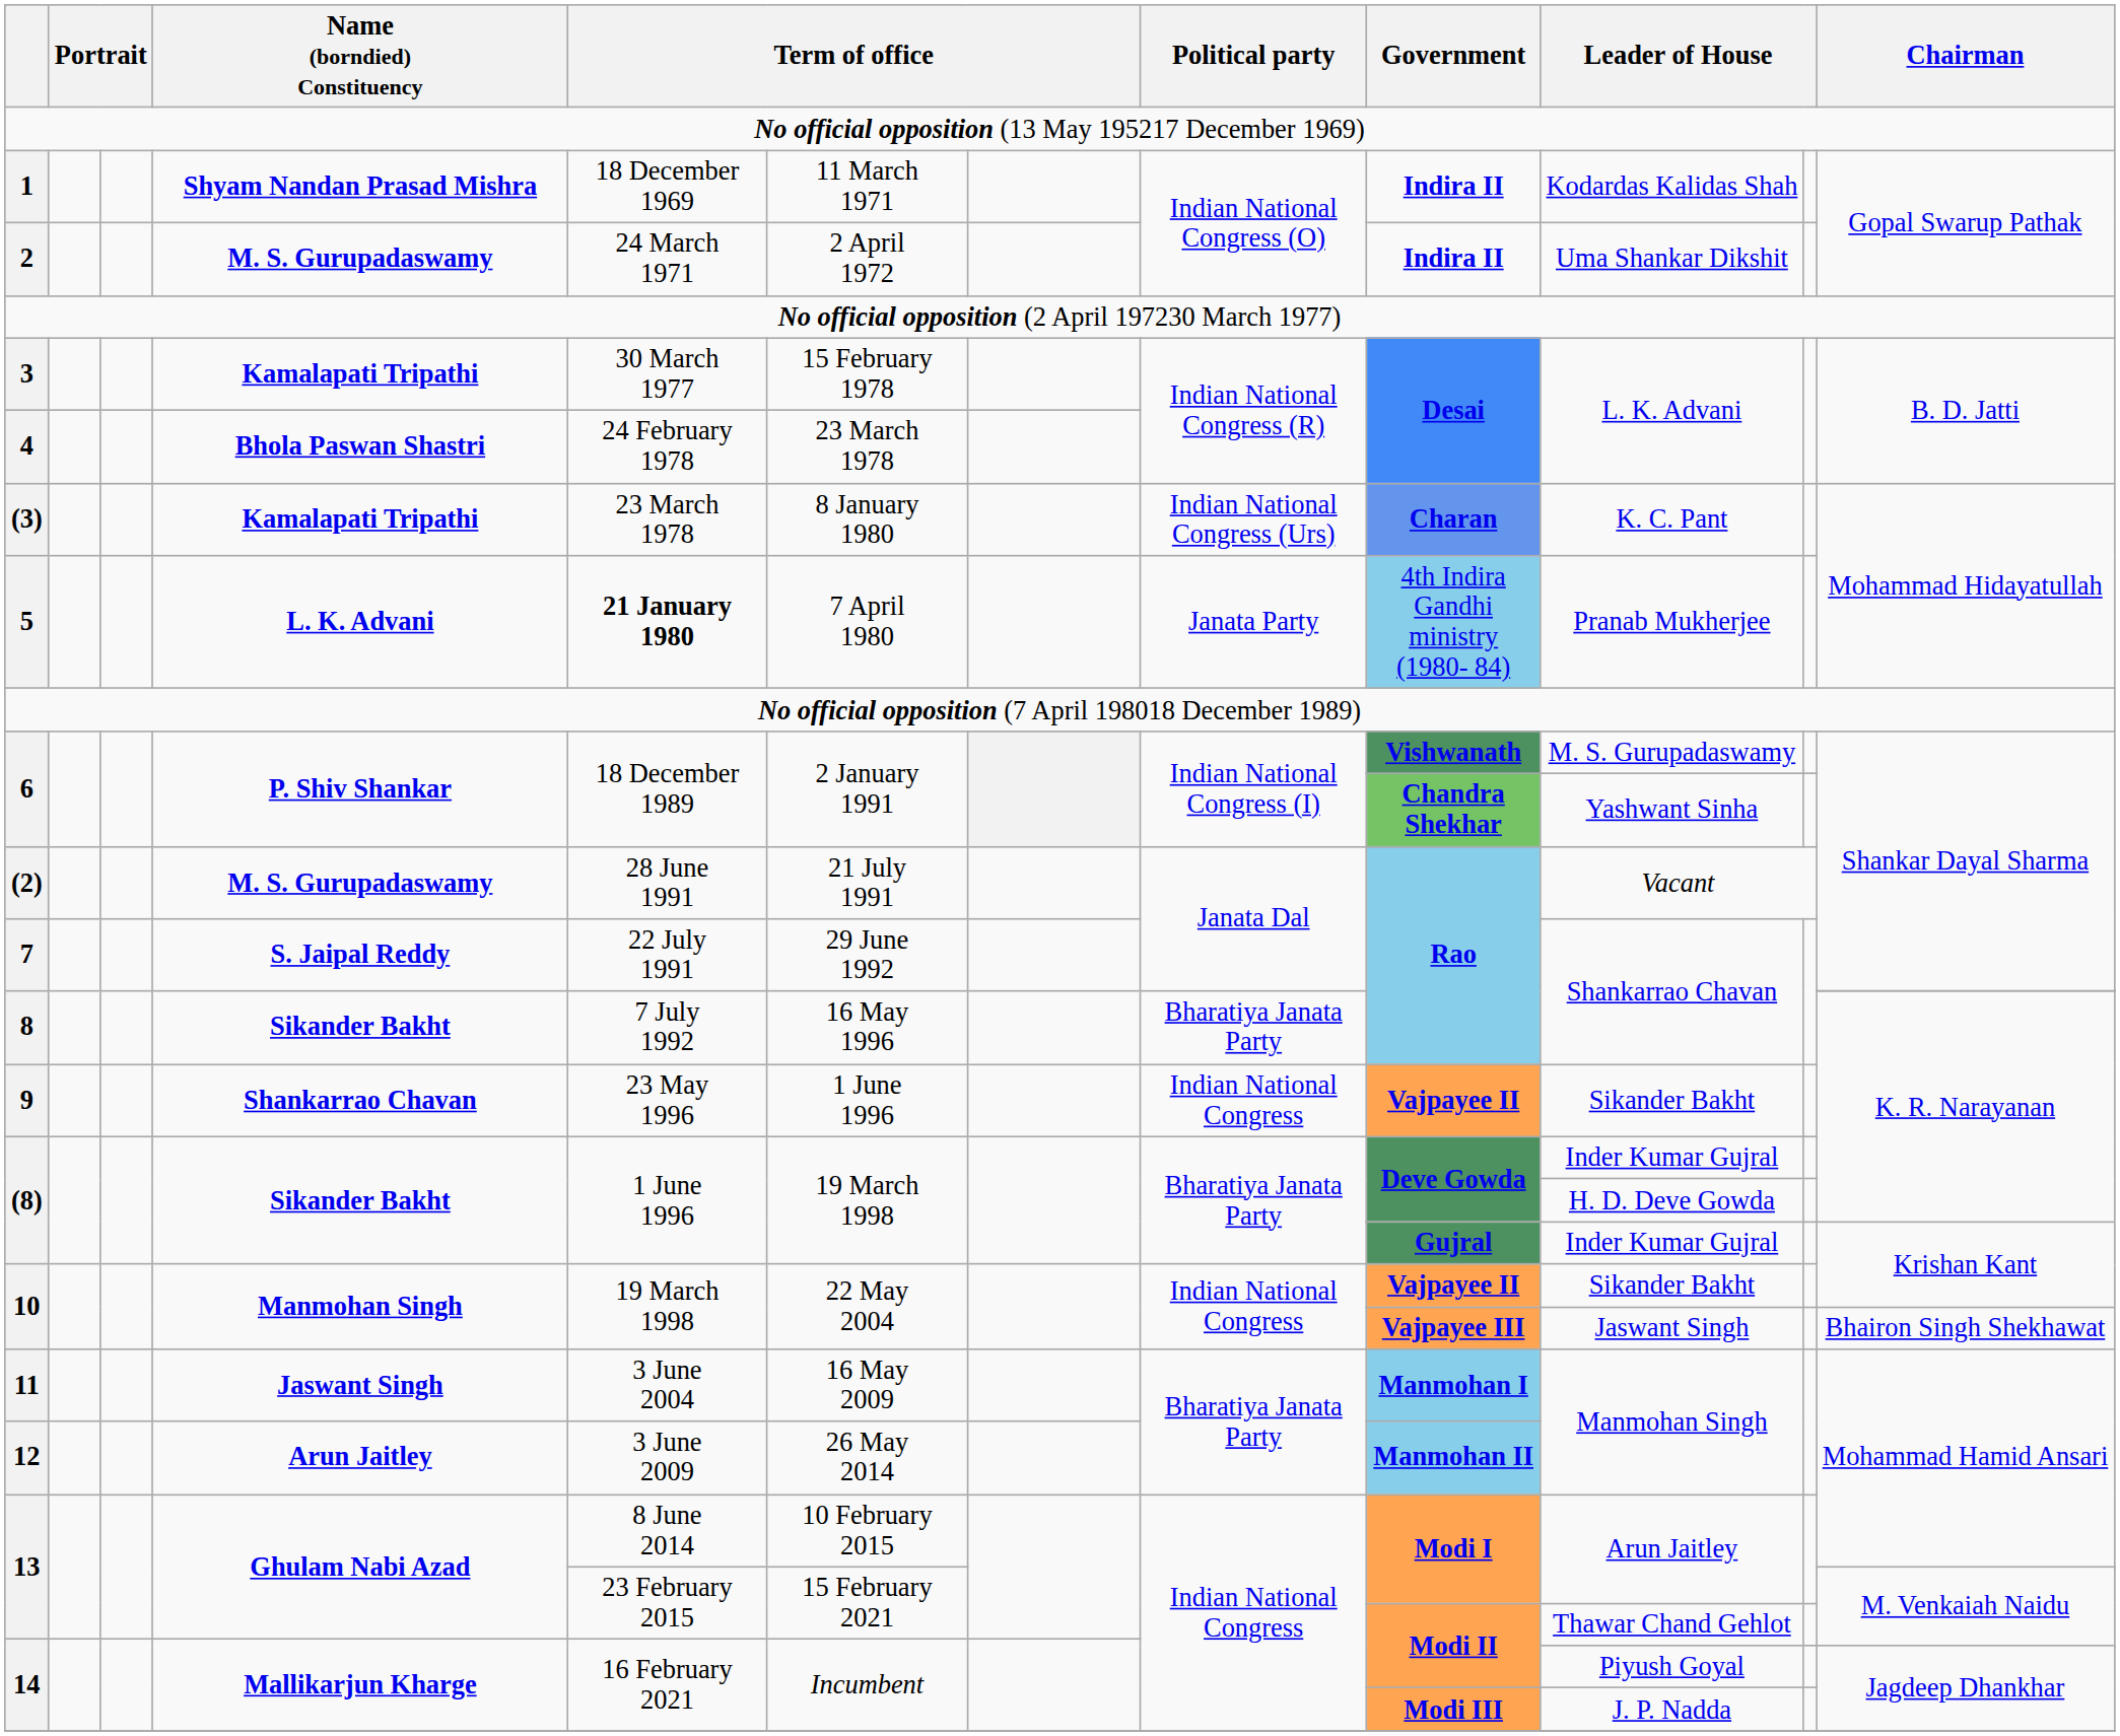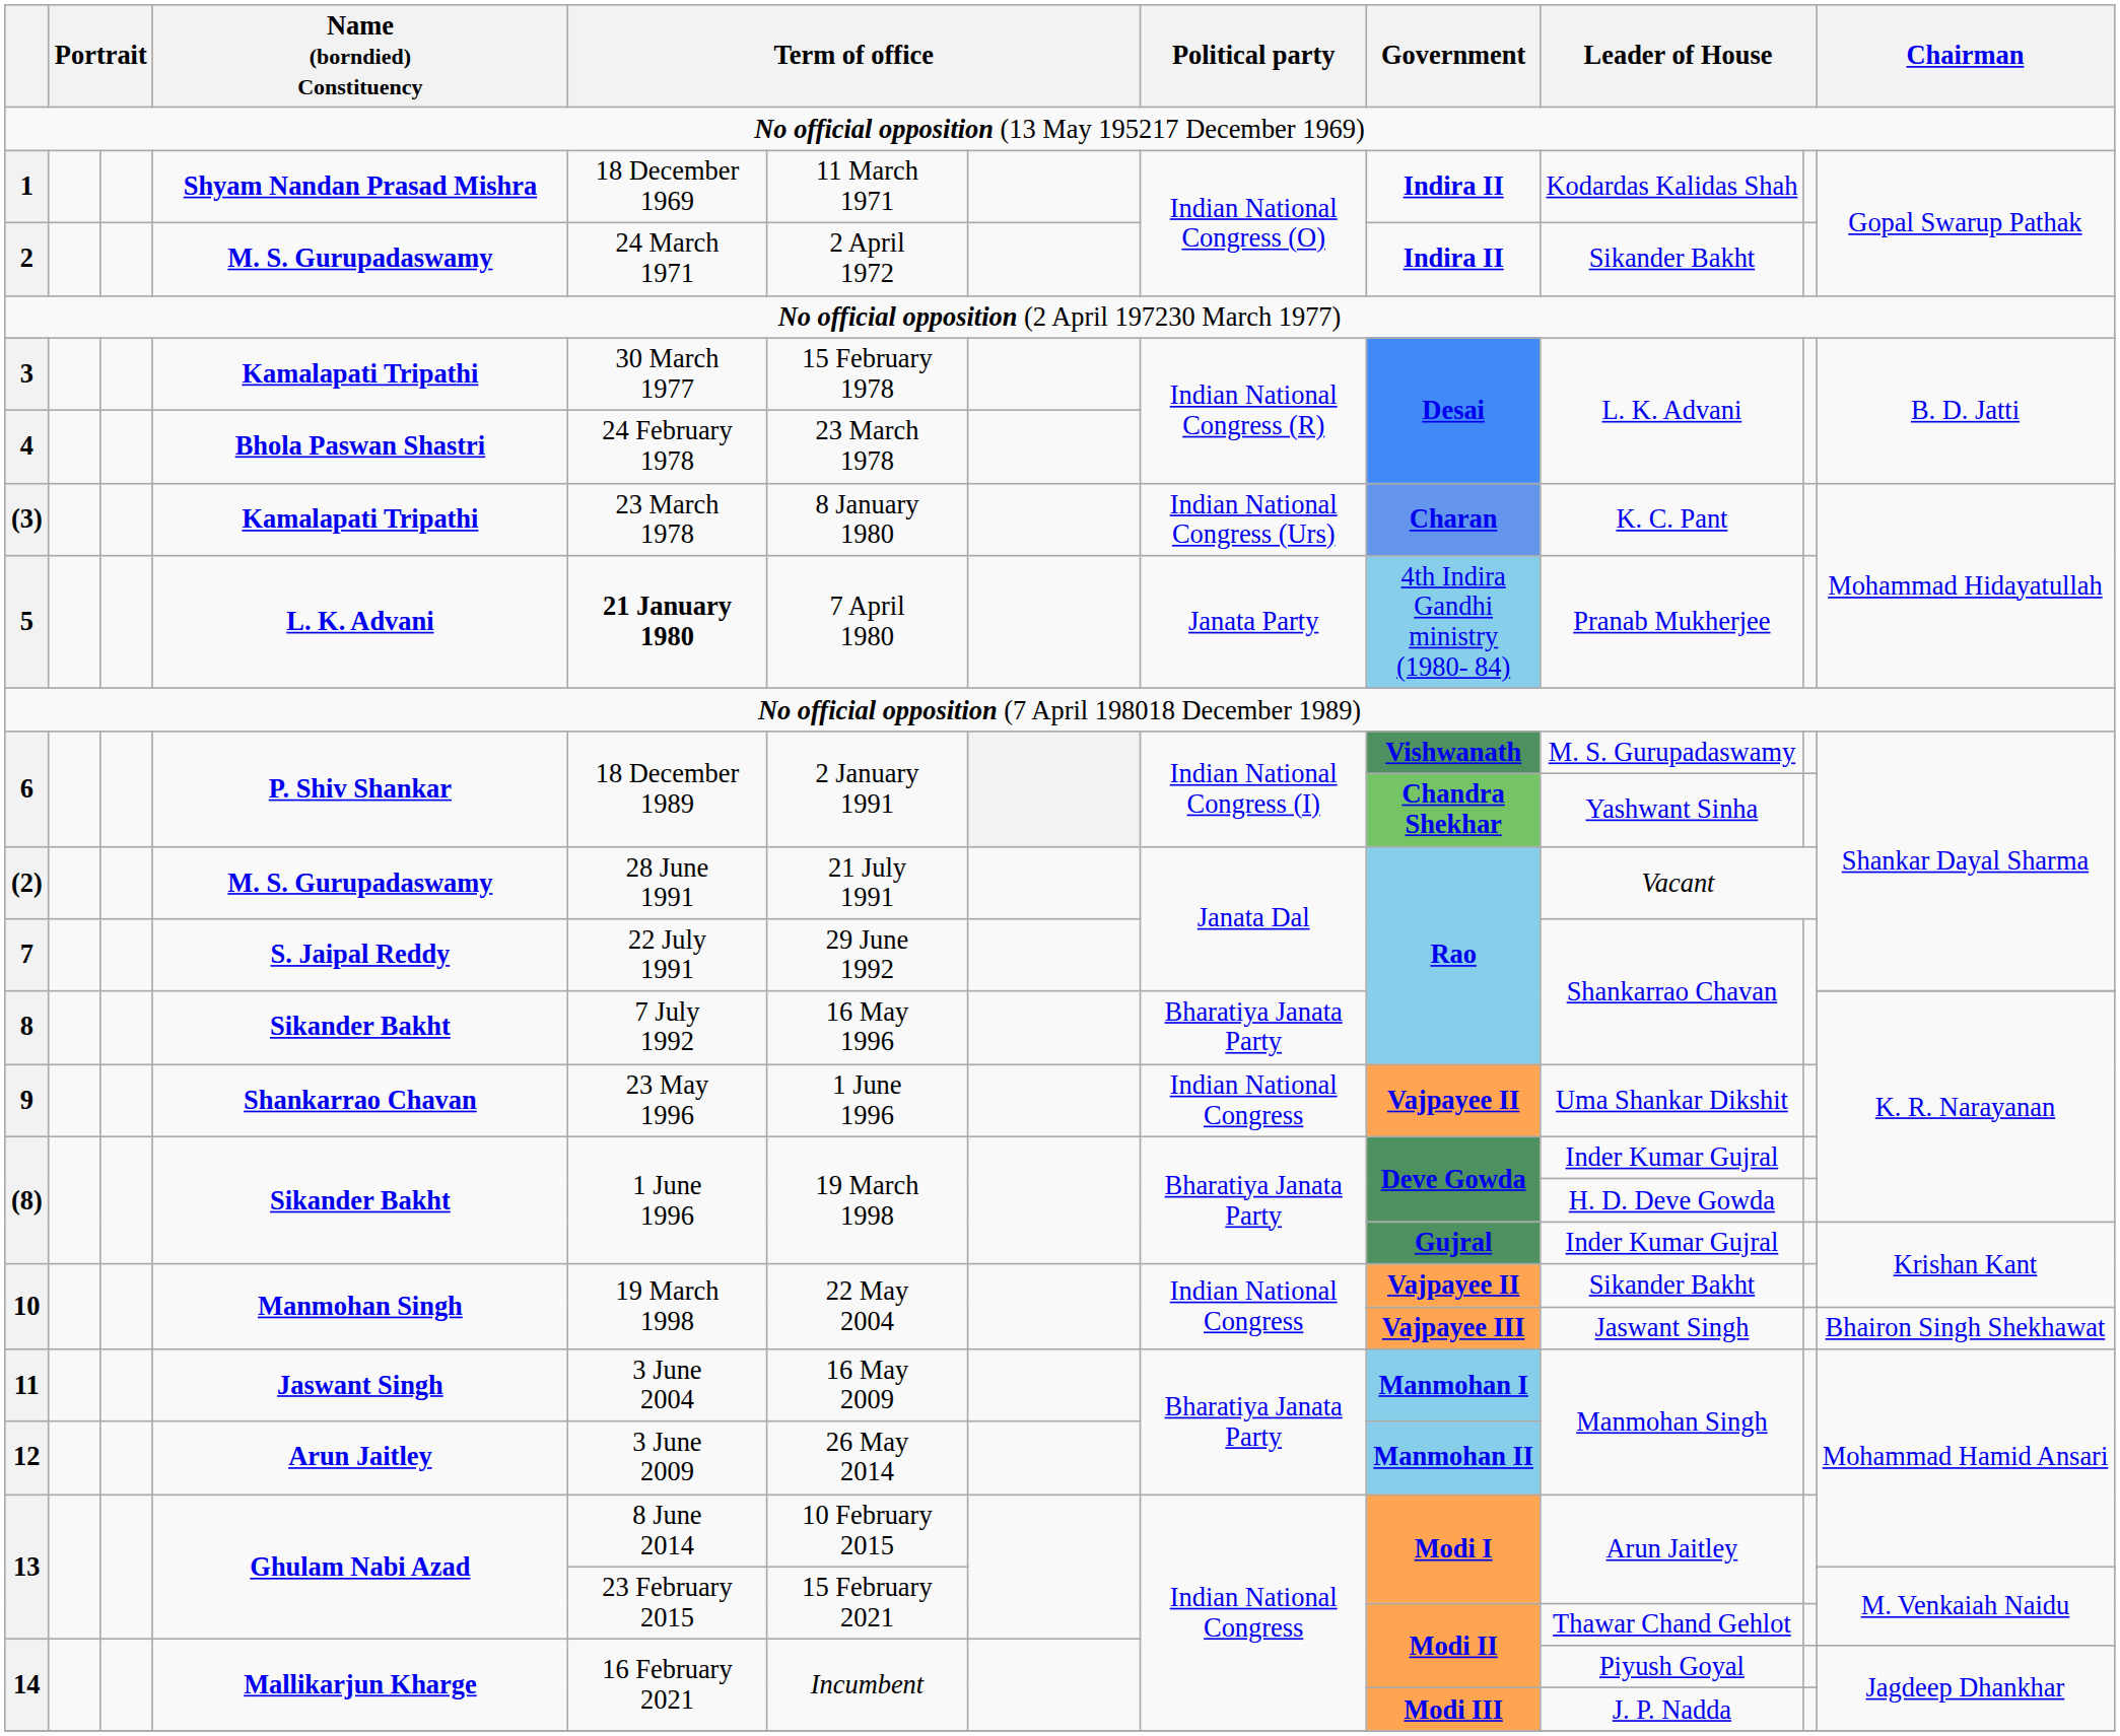 <table class=wikitable style="text-align:center">
 <tr>
 <th></th>
 <th colspan="2">Portrait</th>
 <th style="width:15em">Name<br><small>(borndied)<br>Constituency</small></th>
 <th colspan="3">Term of office</th>
 <th style="width:8em">Political party</th>
 <th style="width:6em">Government</th>
 <th colspan="2">Leader of House</th>
 <th><a href='#'>Chairman</a><br></th>
 </tr>
 <tr>
 <td colspan="12"><strong><em>No official opposition</em></strong> (13 May 195217 December 1969)</td>
 </tr>
 <tr>
 <th>1</th>
 <td></td>
 <td></td>
 <td><strong><a href='#'>Shyam Nandan Prasad Mishra</a></strong><br></td>
 <td style="width:7em">18 December<br>1969</td>
 <td style="width:7em">11 March<br>1971</td>
 <td style="width:6em"><strong></strong></td>
 <td rowspan="2"><a href='#'>Indian National Congress (O)</a></td>
 <td><a href='#'><strong>Indira II</strong></a></td>
 <td><a href='#'>Kodardas Kalidas Shah</a></td>
 <td></td>
 <td rowspan="2"><a href='#'>Gopal Swarup Pathak</a><br></td>
 </tr>
 <tr>
 <th>2</th>
 <td></td>
 <td></td>
 <td><strong><a href='#'>M. S. Gurupadaswamy</a></strong><br></td>
 <td>24 March<br>1971</td>
 <td>2 April<br>1972</td>
 <td><strong></strong></td>
 <td><a href='#'><strong>Indira II</strong></a></td>
-<td><a href='#'>Uma Shankar Dikshit</a></td>
+<td><a href='#'>Sikander Bakht</a></td>
 <td></td>
 </tr>
 <tr>
 <td colspan="12"><strong><em>No official opposition</em></strong> (2 April 197230 March 1977)</td>
 </tr>
 <tr>
 <th>3</th>
 <td></td>
 <td></td>
 <td><strong><a href='#'>Kamalapati Tripathi</a></strong><br></td>
 <td>30 March<br>1977</td>
 <td>15 February<br>1978</td>
 <td><strong></strong></td>
 <td rowspan="3"><a href='#'>Indian National Congress (R)</a></td>
 <td rowspan="3" bgcolor="#4089F7"><a href='#'><strong>Desai</strong></a></td>
 <td rowspan="3"><a href='#'>L. K. Advani</a></td>
 <td rowspan="3"></td>
 <td rowspan="3"><a href='#'>B. D. Jatti</a><br></td>
 </tr>
 <tr>
 <th>4</th>
 <td></td>
 <td></td>
 <td><strong><a href='#'>Bhola Paswan Shastri</a></strong><br></td>
 <td>24 February<br>1978</td>
 <td>23 March<br>1978</td>
 <td><strong></strong></td>
 </tr>
 <tr>
 <th rowspan="2">(3)</th>
 <td rowspan="2"></td>
 <td rowspan="2"></td>
 <td rowspan="2"><strong><a href='#'>Kamalapati Tripathi</a></strong><br></td>
 <td rowspan="2">23 March<br>1978</td>
 <td rowspan="2">8 January<br>1980</td>
 <td rowspan="2"><strong></strong></td>
 </tr>
 <tr>
 <td><a href='#'>Indian National Congress (Urs)</a></td>
 <td bgcolor="#6495ED"><strong><a href='#'>Charan</a></strong></td>
 <td><a href='#'>K. C. Pant</a></td>
 <td></td>
 <td rowspan="2"><a href='#'>Mohammad Hidayatullah</a><br></td>
 </tr>
 <tr>
 <th>5</th>
 <td></td>
 <td></td>
 <td><strong><a href='#'>L. K. Advani</a></strong><br></td>
 <td><strong>21 January<br>1980</strong></td>
 <td>7 April<br>1980</td>
 <td><strong></strong></td>
 <td><a href='#'>Janata Party</a></td>
 <td bgcolor="#87CEEB"><a href='#'>4th Indira Gandhi ministry (1980- 84)</a></td>
 <td><a href='#'>Pranab Mukherjee</a></td>
 <td></td>
 </tr>
 <tr>
 <td colspan="12"><strong><em>No official opposition</em></strong> (7 April 198018 December 1989)</td>
 </tr>
 <tr>
 <th rowspan="2">6</th>
 <td rowspan="2"></td>
 <td rowspan="2"></td>
 <td rowspan="2"><strong><a href='#'>P. Shiv Shankar</a></strong><br></td>
 <td rowspan="2">18 December<br>1989</td>
 <td rowspan="2">2 January<br>1991</td>
 <th rowspan="2"><strong></strong></th>
 <td rowspan="2"><a href='#'>Indian National Congress (I)</a></td>
 <td style="background:#4C915F"><strong><a href='#'>Vishwanath</a></strong></td>
 <td><a href='#'>M. S. Gurupadaswamy</a></td>
 <td></td>
 <td rowspan="4"><a href='#'>Shankar Dayal Sharma</a><br></td>
 </tr>
 <tr>
 <td style="background:#74C365"><strong><a href='#'>Chandra Shekhar</a></strong></td>
 <td><a href='#'>Yashwant Sinha</a></td>
 <td></td>
 </tr>
 <tr>
 <th>(2)</th>
 <td></td>
 <td></td>
 <td><strong><a href='#'>M. S. Gurupadaswamy</a></strong><br></td>
 <td>28 June<br>1991</td>
 <td>21 July<br>1991</td>
 <td><strong></strong></td>
 <td rowspan="2"><a href='#'>Janata Dal</a></td>
 <td rowspan="4" bgcolor="#87CEEB"><strong><a href='#'>Rao</a></strong></td>
 <td colspan="2"><em>Vacant</em></td>
 </tr>
 <tr>
 <th>7</th>
 <td></td>
 <td></td>
 <td><strong><a href='#'>S. Jaipal Reddy</a></strong><br></td>
 <td>22 July<br>1991</td>
 <td>29 June<br>1992</td>
 <td><strong></strong></td>
 <td rowspan="3"><a href='#'>Shankarrao Chavan</a></td>
 <td rowspan="3"></td>
 </tr>
 <tr>
 <th rowspan="2">8</th>
 <td rowspan="2"></td>
 <td rowspan="2"></td>
 <td rowspan="2"><strong><a href='#'>Sikander Bakht</a></strong><br></td>
 <td rowspan="2">7 July<br>1992</td>
 <td rowspan="2">16 May<br>1996</td>
 <td rowspan="2"><strong></strong></td>
 <td rowspan="2"><a href='#'>Bharatiya Janata Party</a></td>
 </tr>
 <tr>
 <td rowspan="5"><a href='#'>K. R. Narayanan</a><br></td>
 </tr>
 <tr>
 <th>9</th>
 <td></td>
 <td></td>
 <td><strong><a href='#'>Shankarrao Chavan</a></strong><br></td>
 <td>23 May<br>1996</td>
 <td>1 June<br>1996</td>
 <td><strong></strong></td>
 <td><a href='#'>Indian National Congress</a></td>
 <td style="background:#FFA551;"><strong><a href='#'>Vajpayee II</a></strong></td>
-<td><a href='#'>Sikander Bakht</a></td>
+<td><a href='#'>Uma Shankar Dikshit</a></td>
 <td></td>
 </tr>
 <tr>
 <th rowspan="4">(8)</th>
 <td rowspan="4"></td>
 <td rowspan="4"></td>
 <td rowspan="4"><strong><a href='#'>Sikander Bakht</a></strong><br></td>
 <td rowspan="4">1 June<br>1996</td>
 <td rowspan="4">19 March<br>1998</td>
 <td rowspan="4"><strong></strong></td>
 <td rowspan="4"><a href='#'>Bharatiya Janata Party</a></td>
 <td rowspan="2" style="background:#4C915F;"><strong><a href='#'>Deve Gowda</a></strong></td>
 <td><a href='#'>Inder Kumar Gujral</a></td>
 <td></td>
 </tr>
 <tr>
 <td><a href='#'>H. D. Deve Gowda</a></td>
 <td></td>
 </tr>
 <tr>
 <td rowspan="2" style="background:#4C915F;"><strong><a href='#'>Gujral</a></strong></td>
 <td rowspan="2"><a href='#'>Inder Kumar Gujral</a></td>
 <td rowspan="2"></td>
 </tr>
 <tr>
 <td rowspan="3"><a href='#'>Krishan Kant</a><br></td>
 </tr>
 <tr>
 <th rowspan="3">10</th>
 <td rowspan="3"></td>
 <td rowspan="3"></td>
 <td rowspan="3"><strong><a href='#'>Manmohan Singh</a></strong><br></td>
 <td rowspan="3">19 March<br>1998</td>
 <td rowspan="3">22 May<br>2004</td>
 <td rowspan="3"><strong></strong></td>
 <td rowspan="3"><a href='#'>Indian National Congress</a></td>
 <td style="background:#FFA551;"><strong><a href='#'>Vajpayee II</a></strong></td>
 <td><a href='#'>Sikander Bakht</a></td>
 <td></td>
 </tr>
 <tr>
 <td rowspan="2" style="background:#FFA551;"><strong><a href='#'>Vajpayee III</a></strong></td>
 <td rowspan="2"><a href='#'>Jaswant Singh</a></td>
 <td rowspan="2"></td>
 </tr>
 <tr>
 <td rowspan="2"><a href='#'>Bhairon Singh Shekhawat</a><br></td>
 </tr>
 <tr>
 <th rowspan="2">11</th>
 <td rowspan="2"></td>
 <td rowspan="2"></td>
 <td rowspan="2"><strong><a href='#'>Jaswant Singh</a></strong><br></td>
 <td rowspan="2">3 June<br>2004</td>
 <td rowspan="2">16 May<br>2009</td>
 <td rowspan="2"><strong></strong></td>
 <td rowspan="3"><a href='#'>Bharatiya Janata Party</a></td>
 <td rowspan="2" bgcolor="#87CEEB"><strong><a href='#'>Manmohan I</a></strong></td>
 <td rowspan="3"><a href='#'>Manmohan Singh</a></td>
 <td rowspan="3"></td>
 </tr>
 <tr>
 <td rowspan="4"><a href='#'>Mohammad Hamid Ansari</a><br></td>
 </tr>
 <tr>
 <th>12</th>
 <td></td>
 <td></td>
 <td><strong><a href='#'>Arun Jaitley</a></strong><br></td>
 <td>3 June<br>2009</td>
 <td>26 May<br>2014</td>
 <td><strong></strong></td>
 <td bgcolor="#87CEEB"><strong><a href='#'>Manmohan II</a></strong></td>
 </tr>
 <tr>
 <th rowspan="4">13</th>
 <td rowspan="4"></td>
 <td rowspan="4"></td>
 <td rowspan="4"><strong><a href='#'>Ghulam Nabi Azad</a></strong><br></td>
 <td>8 June<br>2014</td>
 <td>10 February<br>2015</td>
 <td rowspan="4"><strong></strong></td>
 <td rowspan="8"><a href='#'>Indian National Congress</a></td>
 <td rowspan="3" style="background:#FFA551;"><strong><a href='#'>Modi I</a></strong></td>
 <td rowspan="3"><a href='#'>Arun Jaitley</a></td>
 <td rowspan="3"></td>
 </tr>
 <tr>
 <td rowspan="3">23 February<br>2015</td>
 <td rowspan="3">15 February<br>2021</td>
 </tr>
 <tr>
 <td rowspan="4"><a href='#'>M. Venkaiah Naidu</a><br></td>
 </tr>
 <tr>
 <td rowspan="4" style="background:#FFA551;"><strong><a href='#'>Modi II</a></strong></td>
 <td rowspan="2"><a href='#'>Thawar Chand Gehlot</a></td>
 <td rowspan="2"></td>
 </tr>
 <tr>
 <th rowspan="4">14</th>
 <td rowspan="4"></td>
 <td rowspan="4"></td>
 <td rowspan="4"><strong><a href='#'>Mallikarjun Kharge</a></strong><br></td>
 <td rowspan="4">16 February<br>2021</td>
 <td rowspan="4"><em>Incumbent</em></td>
 <td rowspan="4"><strong></strong></td>
 </tr>
 <tr>
 <td rowspan="2"><a href='#'>Piyush Goyal</a></td>
 <td rowspan="2"></td>
 </tr>
 <tr>
 <td rowspan="2"><a href='#'>Jagdeep Dhankhar</a><br></td>
 </tr>
 <tr>
 <td style="background:#FFA551;"><strong><a href='#'>Modi III</a></strong></td>
 <td><a href='#'>J. P. Nadda</a></td>
 <td></td>
 </tr>
 <tr>
 </tr>
 </table>
